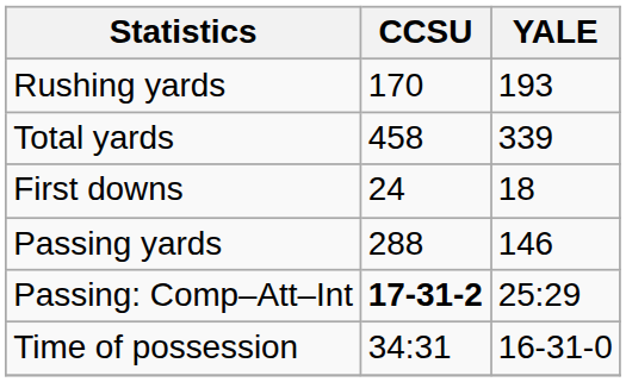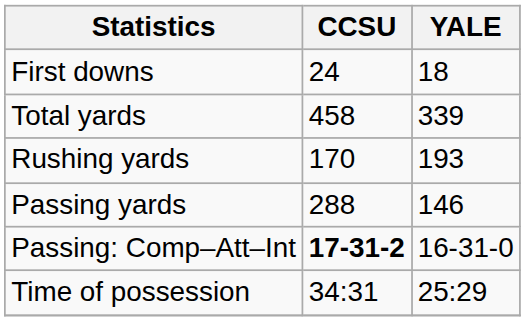 <table class="wikitable" style="float: left;">
 <tr>
 <th>Statistics</th>
 <th>CCSU</th>
 <th>YALE</th>
 </tr>
 <tr>
-<td>Rushing yards</td>
-<td>170</td>
-<td>193</td>
+<td>First downs</td>
+<td>24</td>
+<td>18</td>
 </tr>
 <tr>
 <td>Total yards</td>
 <td>458</td>
 <td>339</td>
 </tr>
 <tr>
-<td>First downs</td>
-<td>24</td>
-<td>18</td>
+<td>Rushing yards</td>
+<td>170</td>
+<td>193</td>
 </tr>
 <tr>
 <td>Passing yards</td>
 <td>288</td>
 <td>146</td>
 </tr>
 <tr>
 <td>Passing: Comp–Att–Int</td>
 <td><strong>17-31-2</strong></td>
-<td>25:29</td>
+<td>16-31-0</td>
 </tr>
 <tr>
 <td>Time of possession</td>
 <td>34:31</td>
-<td>16-31-0</td>
+<td>25:29</td>
 </tr>
 <tr>
 </tr>
 </table>
